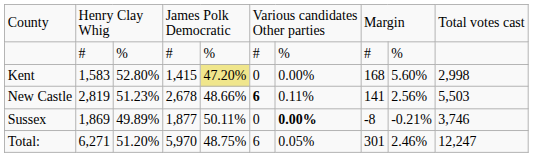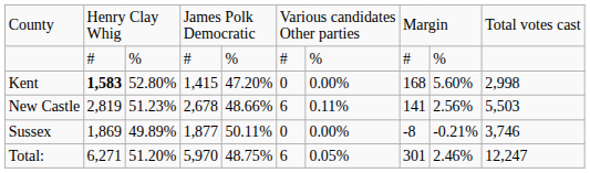 <table class="wikitable">
 <tr>
 <td>County</td>
 <td colspan="2" rowspan="1">Henry Clay<br>Whig</td>
 <td colspan="2" rowspan="1">James Polk<br>Democratic</td>
 <td colspan="2" rowspan="1">Various candidates<br>Other parties</td>
 <td colspan="2" rowspan="1">Margin</td>
 <td>Total votes cast</td>
 </tr>
 <tr>
 <td></td>
 <td>#</td>
 <td>%</td>
 <td>#</td>
 <td>%</td>
 <td>#</td>
 <td>%</td>
 <td>#</td>
 <td>%</td>
 <td></td>
 </tr>
 <tr>
 <td>Kent</td>
-<td>1,583</td>
+<td><strong>1,583</strong></td>
 <td>52.80%</td>
 <td>1,415</td>
-<td style="background: khaki;">47.20%</td>
+<td>47.20%</td>
 <td>0</td>
 <td>0.00%</td>
 <td>168</td>
 <td>5.60%</td>
 <td>2,998</td>
 </tr>
 <tr>
 <td>New Castle</td>
 <td>2,819</td>
 <td>51.23%</td>
 <td>2,678</td>
 <td>48.66%</td>
-<td><strong>6</strong></td>
+<td>6</td>
 <td>0.11%</td>
 <td>141</td>
 <td>2.56%</td>
 <td>5,503</td>
 </tr>
 <tr>
 <td>Sussex</td>
 <td>1,869</td>
 <td>49.89%</td>
 <td>1,877</td>
 <td>50.11%</td>
 <td>0</td>
-<td><strong>0.00%</strong></td>
+<td>0.00%</td>
 <td>-8</td>
 <td>-0.21%</td>
 <td>3,746</td>
 </tr>
 <tr>
 <td>Total:</td>
 <td>6,271</td>
 <td>51.20%</td>
 <td>5,970</td>
 <td>48.75%</td>
 <td>6</td>
 <td>0.05%</td>
 <td>301</td>
 <td>2.46%</td>
 <td>12,247</td>
 </tr>
 </table>
